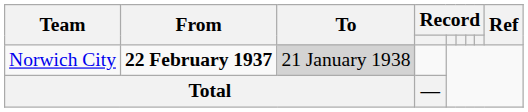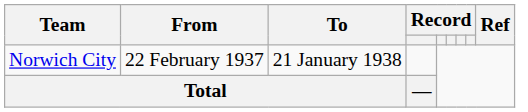 <table class="wikitable" style="text-align:center">
 <tr>
 <th rowspan="2">Team</th>
 <th rowspan="2">From</th>
 <th rowspan="2">To</th>
 <th colspan="5">Record</th>
 <th rowspan="2">Ref</th>
 </tr>
 <tr>
 <th></th>
 <th></th>
 <th></th>
 <th></th>
 <th></th>
 </tr>
 <tr>
 <td align="left"><a href='#'>Norwich City</a></td>
-<td align="left"><strong>22 February 1937</strong></td>
-<td align="left" style="background: lightgrey;">21 January 1938<br></td>
+<td align="left">22 February 1937</td>
+<td align="left">21 January 1938<br></td>
 <td></td>
 </tr>
 <tr>
 <th colspan="3">Total<br></th>
 <th>―</th>
 </tr>
 </table>
